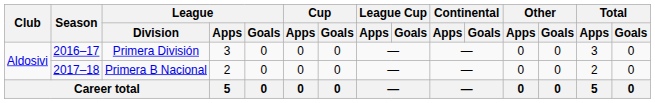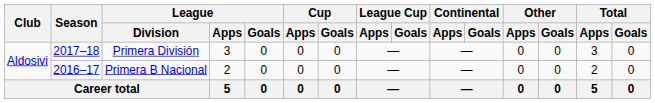 <table class="wikitable" style="text-align:center">
 <tr>
 <th rowspan="2">Club</th>
 <th rowspan="2">Season</th>
 <th colspan="3">League</th>
 <th colspan="2">Cup</th>
 <th colspan="2">League Cup</th>
 <th colspan="2">Continental</th>
 <th colspan="2">Other</th>
 <th colspan="2">Total</th>
 </tr>
 <tr>
 <th>Division</th>
 <th>Apps</th>
 <th>Goals</th>
 <th>Apps</th>
 <th>Goals</th>
 <th>Apps</th>
 <th>Goals</th>
 <th>Apps</th>
 <th>Goals</th>
 <th>Apps</th>
 <th>Goals</th>
 <th>Apps</th>
 <th>Goals</th>
 </tr>
 <tr>
 <td rowspan="2"><a href='#'>Aldosivi</a></td>
-<td><a href='#'>2016–17</a></td>
+<td><a href='#'>2017–18</a></td>
 <td rowspan="1"><a href='#'>Primera División</a></td>
 <td>3</td>
 <td>0</td>
 <td>0</td>
 <td>0</td>
 <td colspan="2">—</td>
 <td colspan="2">—</td>
 <td>0</td>
 <td>0</td>
 <td>3</td>
 <td>0</td>
 </tr>
 <tr>
-<td><a href='#'>2017–18</a></td>
+<td><a href='#'>2016–17</a></td>
 <td rowspan="1"><a href='#'>Primera B Nacional</a></td>
 <td>2</td>
 <td>0</td>
 <td>0</td>
 <td>0</td>
 <td colspan="2">—</td>
 <td colspan="2">—</td>
 <td>0</td>
 <td>0</td>
 <td>2</td>
 <td>0</td>
 </tr>
 <tr>
 <th colspan="3">Career total</th>
 <th>5</th>
 <th>0</th>
 <th>0</th>
 <th>0</th>
 <th colspan="2">—</th>
 <th colspan="2">—</th>
 <th>0</th>
 <th>0</th>
 <th>5</th>
 <th>0</th>
 </tr>
 </table>
